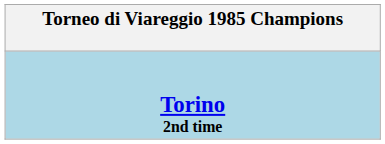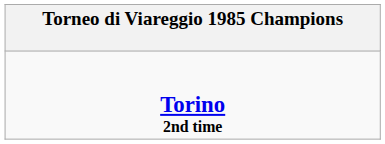 <table class="wikitable" style="margin: 0 auto; width: 30%;">
 <tr>
 <th><big>Torneo di Viareggio 1985 Champions</big><br><br></th>
 </tr>
 <tr>
-<td align=center style="background: lightblue;"><br><br><big><big><strong><a href='#'>Torino</a></strong><br></big></big><strong>2nd time</strong></td>
+<td align=center><br><br><big><big><strong><a href='#'>Torino</a></strong><br></big></big><strong>2nd time</strong></td>
 </tr>
 </table>
